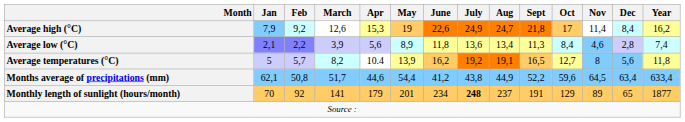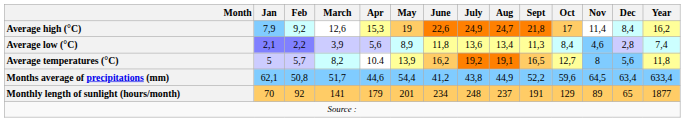 <table width="70%" class="wikitable" style="text-align:center;font-size:100%;line-height:120%">
 <tr>
 <th style="text-align:right">Month</th>
 <th>Jan</th>
 <th>Feb</th>
 <th>March</th>
 <th>Apr</th>
 <th>May</th>
 <th>June</th>
 <th>July</th>
 <th>Aug</th>
 <th>Sept</th>
 <th>Oct</th>
 <th>Nov</th>
 <th>Dec</th>
 <th>Year</th>
 </tr>
 <tr>
 <th style="text-align:left">Average high (°C)</th>
 <td style="background:#80CCFF">7,9</td>
 <td style="background:#CCFFFF">9,2</td>
 <td style="background:#FFFFFF">12,6</td>
 <td style="background:#FFFF99">15,3</td>
 <td style="background:#FFCC66">19</td>
 <td style="background:#FF8000">22,6</td>
 <td style="background:#FF8000">24,9</td>
 <td style="background:#FF8000">24,7</td>
 <td style="background:#FF8000">21,8</td>
 <td style="background:#FFCC66">17</td>
 <td style="background:#FFFFFF">11,4</td>
 <td style="background:#CCFFFF">8,4</td>
 <td style="background:#FFFF99">16,2</td>
 </tr>
 <tr>
 <th style="text-align:left">Average low (°C)</th>
 <td style="background:#8080FF">2,1</td>
 <td style="background:#8080FF">2,2</td>
 <td style="background:#CCCCFF">3,9</td>
 <td style="background:#CCCCFF">5,6</td>
 <td style="background:#CCFFFF">8,9</td>
 <td style="background:#FFFF99">11,8</td>
 <td style="background:#FFFF99">13,6</td>
 <td style="background:#FFFF99">13,4</td>
 <td style="background:#FFFF99">11,3</td>
 <td style="background:#CCFFFF">8,4</td>
 <td style="background:#80CCFF">4,6</td>
 <td style="background:#CCCCFF">2,8</td>
 <td style="background:#CCFFFF">7,4</td>
 </tr>
 <tr>
 <th style="text-align:left">Average temperatures (°C)</th>
 <td style="background:#CCCCFF">5</td>
 <td style="background:#CCCCFF">5,7</td>
 <td style="background:#CCFFFF">8,2</td>
 <td style="background:#FFFFFF">10.4</td>
 <td style="background:#FFFF99">13,9</td>
 <td style="background:#FFCC66">16,2</td>
 <td style="background:#FF8000">19,2</td>
 <td style="background:#FF8000">19,1</td>
 <td style="background:#FFCC66">16,5</td>
 <td style="background:#FFFF99">12,7</td>
 <td style="background:#80CCFF">8</td>
 <td style="background:#80CCFF">5,6</td>
 <td style="background:#FFFF99">11,8</td>
 </tr>
 <tr>
 <th style="text-align:left">Months average of <a href='#'>precipitations</a> (mm)</th>
 <td style="background:#80CCFF">62,1</td>
 <td style="background:#80CCFF">50,8</td>
 <td style="background:#80CCFF">51,7</td>
 <td style="background:#80CCFF">44,6</td>
 <td style="background:#80CCFF">54,4</td>
 <td style="background:#80CCFF">41,2</td>
 <td style="background:#80CCFF">43,8</td>
 <td style="background:#80CCFF">44,9</td>
 <td style="background:#80CCFF">52,2</td>
 <td style="background:#80CCFF">59,6</td>
 <td style="background:#80CCFF">64,5</td>
 <td style="background:#80CCFF">63,4</td>
 <td style="background:#80CCFF">633,4</td>
 </tr>
 <tr>
 <th style="text-align:left">Monthly length of sunlight  (hours/month)</th>
 <td style="background:#FFCC66">70</td>
 <td style="background:#FFCC66">92</td>
 <td style="background:#FFCC66">141</td>
 <td style="background:#FFCC66">179</td>
 <td style="background:#FFCC66">201</td>
 <td style="background:#FFCC66">234</td>
-<td style="background:#FFCC66"><strong>248</strong></td>
+<td style="background:#FFCC66">248</td>
 <td style="background:#FFCC66">237</td>
 <td style="background:#FFCC66">191</td>
 <td style="background:#FFCC66">129</td>
 <td style="background:#FFCC66">89</td>
 <td style="background:#FFCC66">65</td>
 <td style="background:#FFCC66">1877</td>
 </tr>
 <tr>
 <td colspan="14" style="font-size:90%;text-align:center"><em>Source : </em></td>
 </tr>
 </table>
